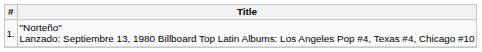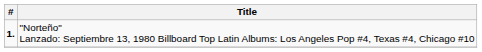 <table class="wikitable">
 <tr>
 <th>#</th>
 <th>Title</th>
 </tr>
 <tr>
-<td>1.</td>
+<td><strong>1.</strong></td>
 <td>"Norteño"<br>Lanzado: Septiembre 13, 1980 Billboard Top Latin Albums: Los Angeles Pop #4, Texas #4, Chicago #10</td>
 </tr>
 <tr>
 </tr>
 </table>
